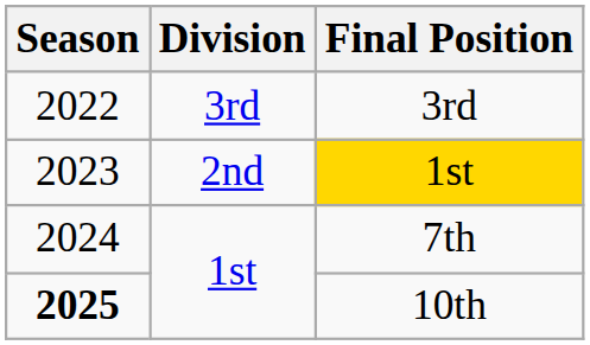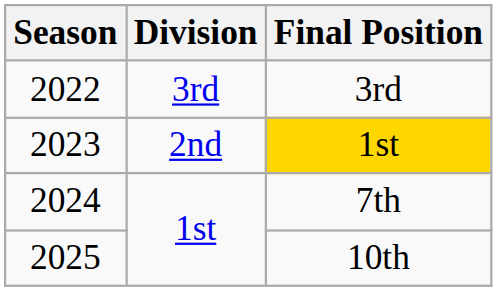 <table class="wikitable sortable">
 <tr>
 <th>Season</th>
 <th>Division</th>
 <th>Final Position</th>
 </tr>
 <tr>
 <td align=center>2022</td>
 <td align=center><a href='#'>3rd</a></td>
 <td align=center>3rd</td>
 </tr>
 <tr>
 <td align=center>2023</td>
 <td align=center><a href='#'>2nd</a></td>
 <td align=center style="background:gold;">1st</td>
 </tr>
 <tr>
 <td align=center>2024</td>
 <td rowspan=2 align=center><a href='#'>1st</a></td>
 <td align=center>7th</td>
 </tr>
 <tr>
-<td align=center><strong>2025</strong></td>
+<td align=center>2025</td>
 <td align=center>10th</td>
 </tr>
 </table>
